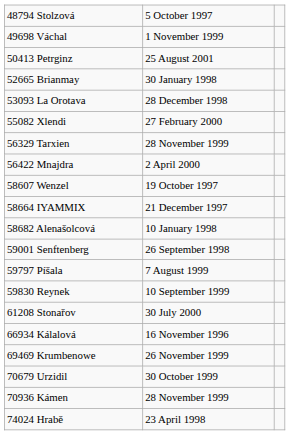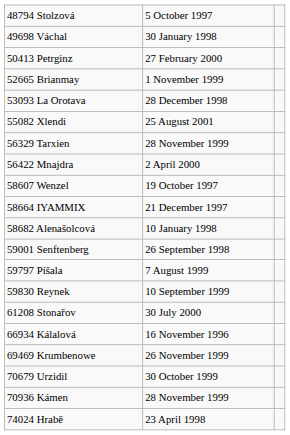 <table class="wikitable" style="font-size: 89%; float: left; width: 26em; margin-right: 1em; height: 560px;">
 <tr>
 <td>48794 Stolzová</td>
 <td>5 October 1997</td>
 <td> </td>
 </tr>
 <tr>
 <td>49698 Váchal</td>
-<td>1 November 1999</td>
+<td>30 January 1998</td>
 <td> </td>
 </tr>
 <tr>
 <td>50413 Petrginz</td>
-<td>25 August 2001</td>
+<td>27 February 2000</td>
 <td> </td>
 </tr>
 <tr>
 <td>52665 Brianmay</td>
-<td>30 January 1998</td>
+<td>1 November 1999</td>
 <td> </td>
 </tr>
 <tr>
 <td>53093 La Orotava</td>
 <td>28 December 1998</td>
 <td> </td>
 </tr>
 <tr>
 <td>55082 Xlendi</td>
-<td>27 February 2000</td>
+<td>25 August 2001</td>
 <td> </td>
 </tr>
 <tr>
 <td>56329 Tarxien</td>
 <td>28 November 1999</td>
 <td> </td>
 </tr>
 <tr>
 <td>56422 Mnajdra</td>
 <td>2 April 2000</td>
 <td> </td>
 </tr>
 <tr>
 <td>58607 Wenzel</td>
 <td>19 October 1997</td>
 <td> </td>
 </tr>
 <tr>
 <td>58664 IYAMMIX</td>
 <td>21 December 1997</td>
 <td> </td>
 </tr>
 <tr>
 <td>58682 Alenašolcová</td>
 <td>10 January 1998</td>
 <td> </td>
 </tr>
 <tr>
 <td>59001 Senftenberg</td>
 <td>26 September 1998</td>
 <td> </td>
 </tr>
 <tr>
 <td>59797 Píšala</td>
 <td>7 August 1999</td>
 <td> </td>
 </tr>
 <tr>
 <td>59830 Reynek</td>
 <td>10 September 1999</td>
 <td> </td>
 </tr>
 <tr>
 <td>61208 Stonařov</td>
 <td>30 July 2000</td>
 <td> </td>
 </tr>
 <tr>
 <td>66934 Kálalová</td>
 <td>16 November 1996</td>
 <td> </td>
 </tr>
 <tr>
 <td>69469 Krumbenowe</td>
 <td>26 November 1999</td>
 <td> </td>
 </tr>
 <tr>
 <td>70679 Urzidil</td>
 <td>30 October 1999</td>
 <td> </td>
 </tr>
 <tr>
 <td>70936 Kámen</td>
 <td>28 November 1999</td>
 <td> </td>
 </tr>
 <tr>
 <td>74024 Hrabě</td>
 <td>23 April 1998</td>
 <td> </td>
 </tr>
 </table>
